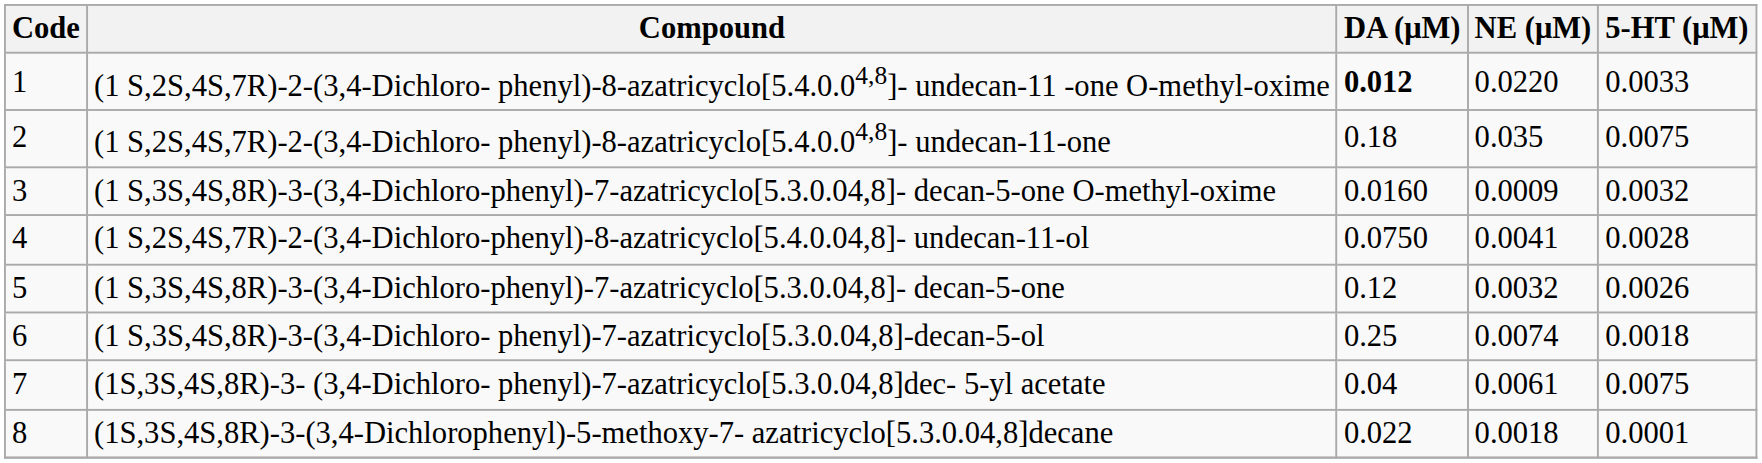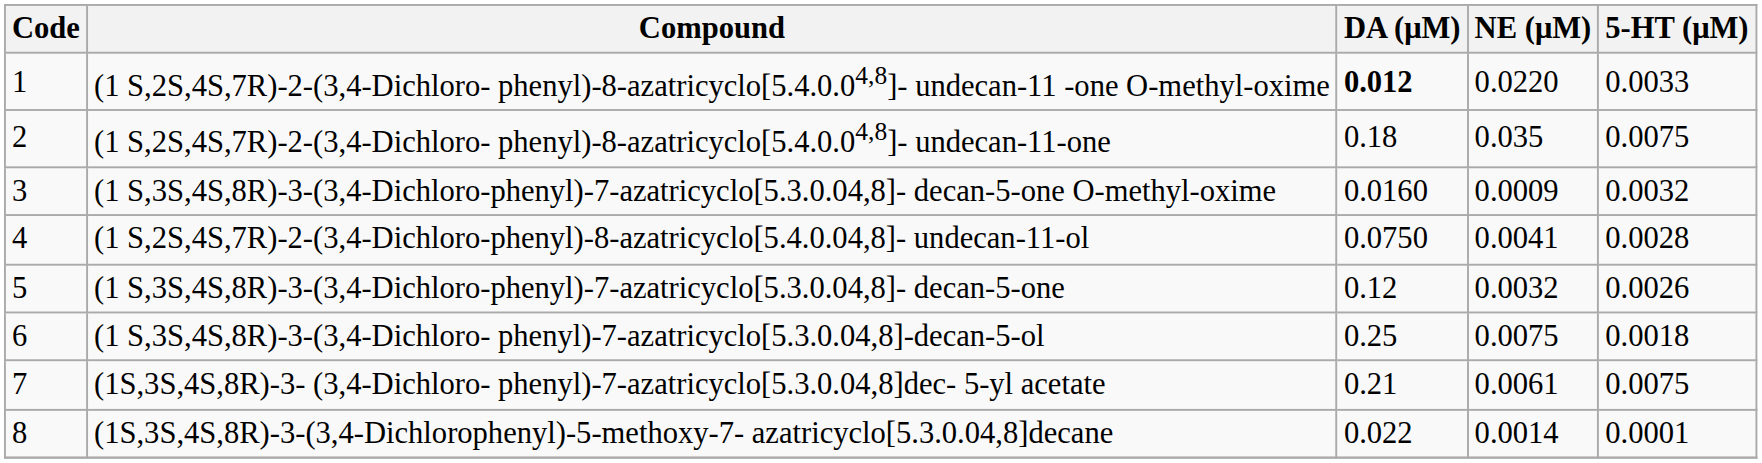 <table class="wikitable">
 <tr>
 <th>Code</th>
 <th>Compound</th>
 <th>DA (μM)</th>
 <th>NE (μM)</th>
 <th>5-HT (μM)</th>
 </tr>
 <tr>
 <td>1</td>
 <td>(1 S,2S,4S,7R)-2-(3,4-Dichloro- phenyl)-8-azatricyclo[5.4.0.0<sup>4,8</sup>]- undecan-11 -one O-methyl-oxime</td>
 <td><strong>0.012</strong></td>
 <td>0.0220</td>
 <td>0.0033</td>
 </tr>
 <tr>
 <td>2</td>
 <td>(1 S,2S,4S,7R)-2-(3,4-Dichloro- phenyl)-8-azatricyclo[5.4.0.0<sup>4,8</sup>]- undecan-11-one</td>
 <td>0.18</td>
 <td>0.035</td>
 <td>0.0075</td>
 </tr>
 <tr>
 <td>3</td>
 <td>(1 S,3S,4S,8R)-3-(3,4-Dichloro-phenyl)-7-azatricyclo[5.3.0.04,8]- decan-5-one O-methyl-oxime</td>
 <td>0.0160</td>
 <td>0.0009</td>
 <td>0.0032</td>
 </tr>
 <tr>
 <td>4</td>
 <td>(1 S,2S,4S,7R)-2-(3,4-Dichloro-phenyl)-8-azatricyclo[5.4.0.04,8]- undecan-11-ol</td>
 <td>0.0750</td>
 <td>0.0041</td>
 <td>0.0028</td>
 </tr>
 <tr>
 <td>5</td>
 <td>(1 S,3S,4S,8R)-3-(3,4-Dichloro-phenyl)-7-azatricyclo[5.3.0.04,8]- decan-5-one</td>
 <td>0.12</td>
 <td>0.0032</td>
 <td>0.0026</td>
 </tr>
 <tr>
 <td>6</td>
 <td>(1 S,3S,4S,8R)-3-(3,4-Dichloro- phenyl)-7-azatricyclo[5.3.0.04,8]-decan-5-ol</td>
 <td>0.25</td>
-<td>0.0074</td>
+<td>0.0075</td>
 <td>0.0018</td>
 </tr>
 <tr>
 <td>7</td>
 <td>(1S,3S,4S,8R)-3- (3,4-Dichloro- phenyl)-7-azatricyclo[5.3.0.04,8]dec- 5-yl acetate</td>
-<td>0.04</td>
+<td>0.21</td>
 <td>0.0061</td>
 <td>0.0075</td>
 </tr>
 <tr>
 <td>8</td>
 <td>(1S,3S,4S,8R)-3-(3,4-Dichlorophenyl)-5-methoxy-7- azatricyclo[5.3.0.04,8]decane</td>
 <td>0.022</td>
-<td>0.0018</td>
+<td>0.0014</td>
 <td>0.0001</td>
 </tr>
 <tr>
 </tr>
 </table>
